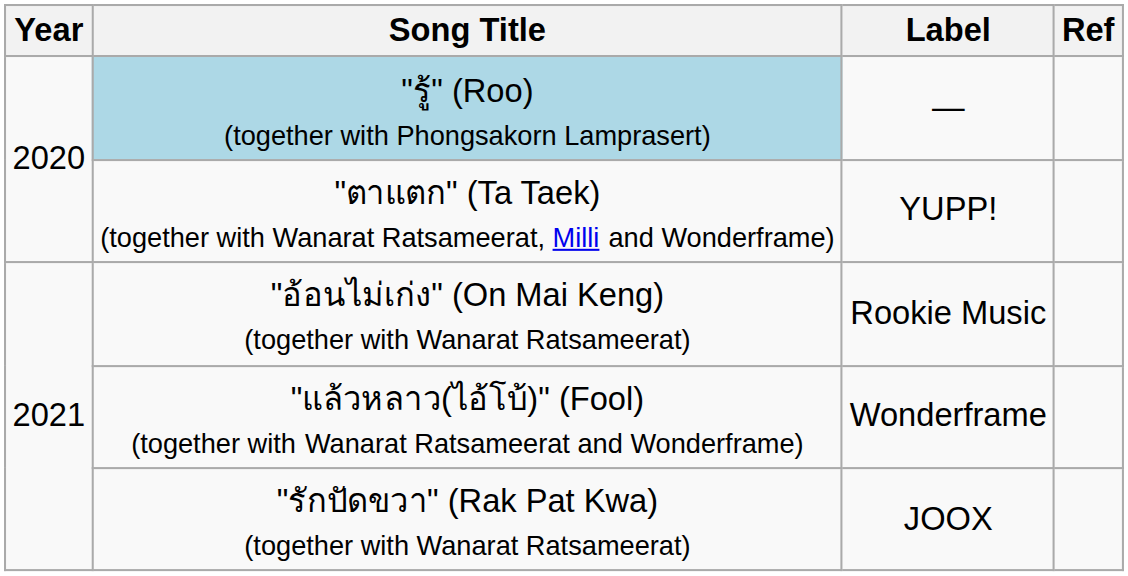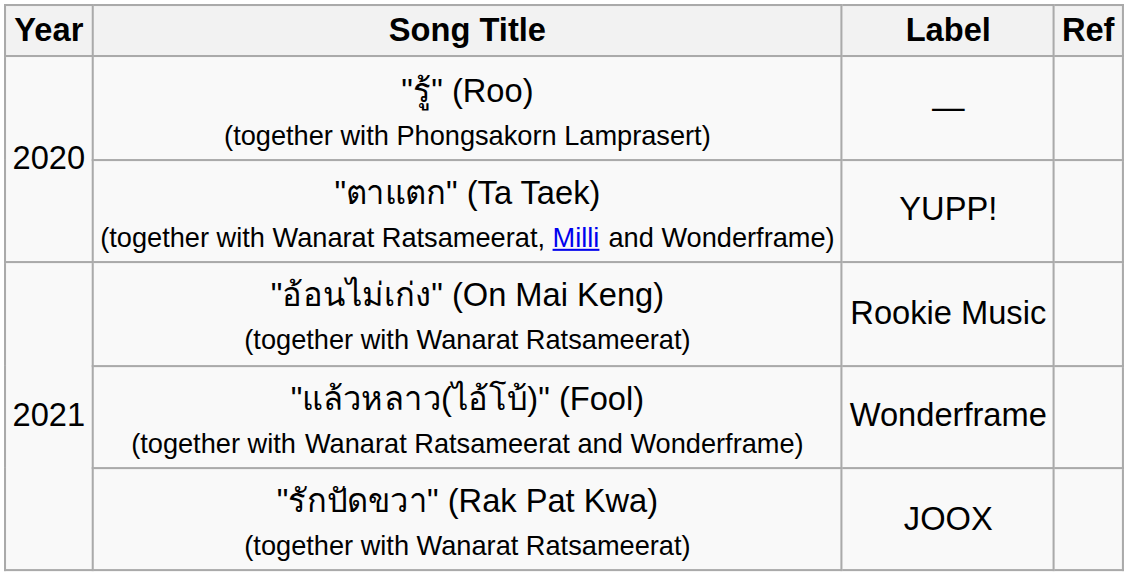 <table class="wikitable" style="text-align:center;">
 <tr>
 <th>Year</th>
 <th>Song Title</th>
 <th>Label</th>
 <th>Ref</th>
 </tr>
 <tr>
 <td rowspan="2">2020</td>
-<td style="background: lightblue;">"รู้" (Roo)<br><small>(together with Phongsakorn Lamprasert)</small></td>
+<td>"รู้" (Roo)<br><small>(together with Phongsakorn Lamprasert)</small></td>
 <td>—</td>
 <td></td>
 </tr>
 <tr>
 <td>"ตาแตก" (Ta Taek)<br><small>(together with Wanarat Ratsameerat, <a href='#'>Milli</a></small> <small>and Wonderframe)</small></td>
 <td>YUPP!</td>
 <td></td>
 </tr>
 <tr>
 <td rowspan="3">2021</td>
 <td>"อ้อนไม่เก่ง" (On Mai Keng)<br><small>(together with Wanarat Ratsameerat)</small></td>
 <td>Rookie Music</td>
 <td></td>
 </tr>
 <tr>
 <td>"แล้วหลาว(ไอ้โบ้)" (Fool)<br><small>(together with</small> <small>Wanarat Ratsameerat and Wonderframe)</small></td>
 <td>Wonderframe</td>
 <td></td>
 </tr>
 <tr>
 <td>"รักปัดขวา" (Rak Pat Kwa)<br><small>(together with Wanarat Ratsameerat)</small></td>
 <td>JOOX</td>
 <td></td>
 </tr>
 </table>
